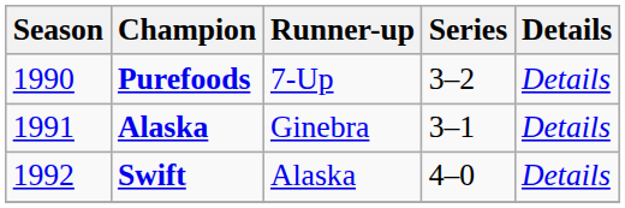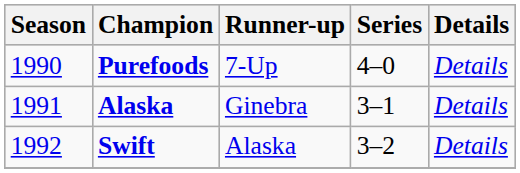 <table class="wikitable">
 <tr>
 <th>Season</th>
 <th>Champion</th>
 <th>Runner-up</th>
 <th>Series</th>
 <th>Details</th>
 </tr>
 <tr>
 <td><a href='#'>1990</a></td>
 <td><strong><a href='#'>Purefoods</a></strong></td>
 <td><a href='#'>7-Up</a></td>
-<td>3–2</td>
+<td>4–0</td>
 <td><a href='#'><em>Details</em></a></td>
 </tr>
 <tr>
 <td><a href='#'>1991</a></td>
 <td><strong><a href='#'>Alaska</a></strong></td>
 <td><a href='#'>Ginebra</a></td>
 <td>3–1</td>
 <td><a href='#'><em>Details</em></a></td>
 </tr>
 <tr>
 <td><a href='#'>1992</a></td>
 <td><strong><a href='#'>Swift</a></strong></td>
 <td><a href='#'>Alaska</a></td>
-<td>4–0</td>
+<td>3–2</td>
 <td><a href='#'><em>Details</em></a></td>
 </tr>
 <tr>
 </tr>
 </table>
